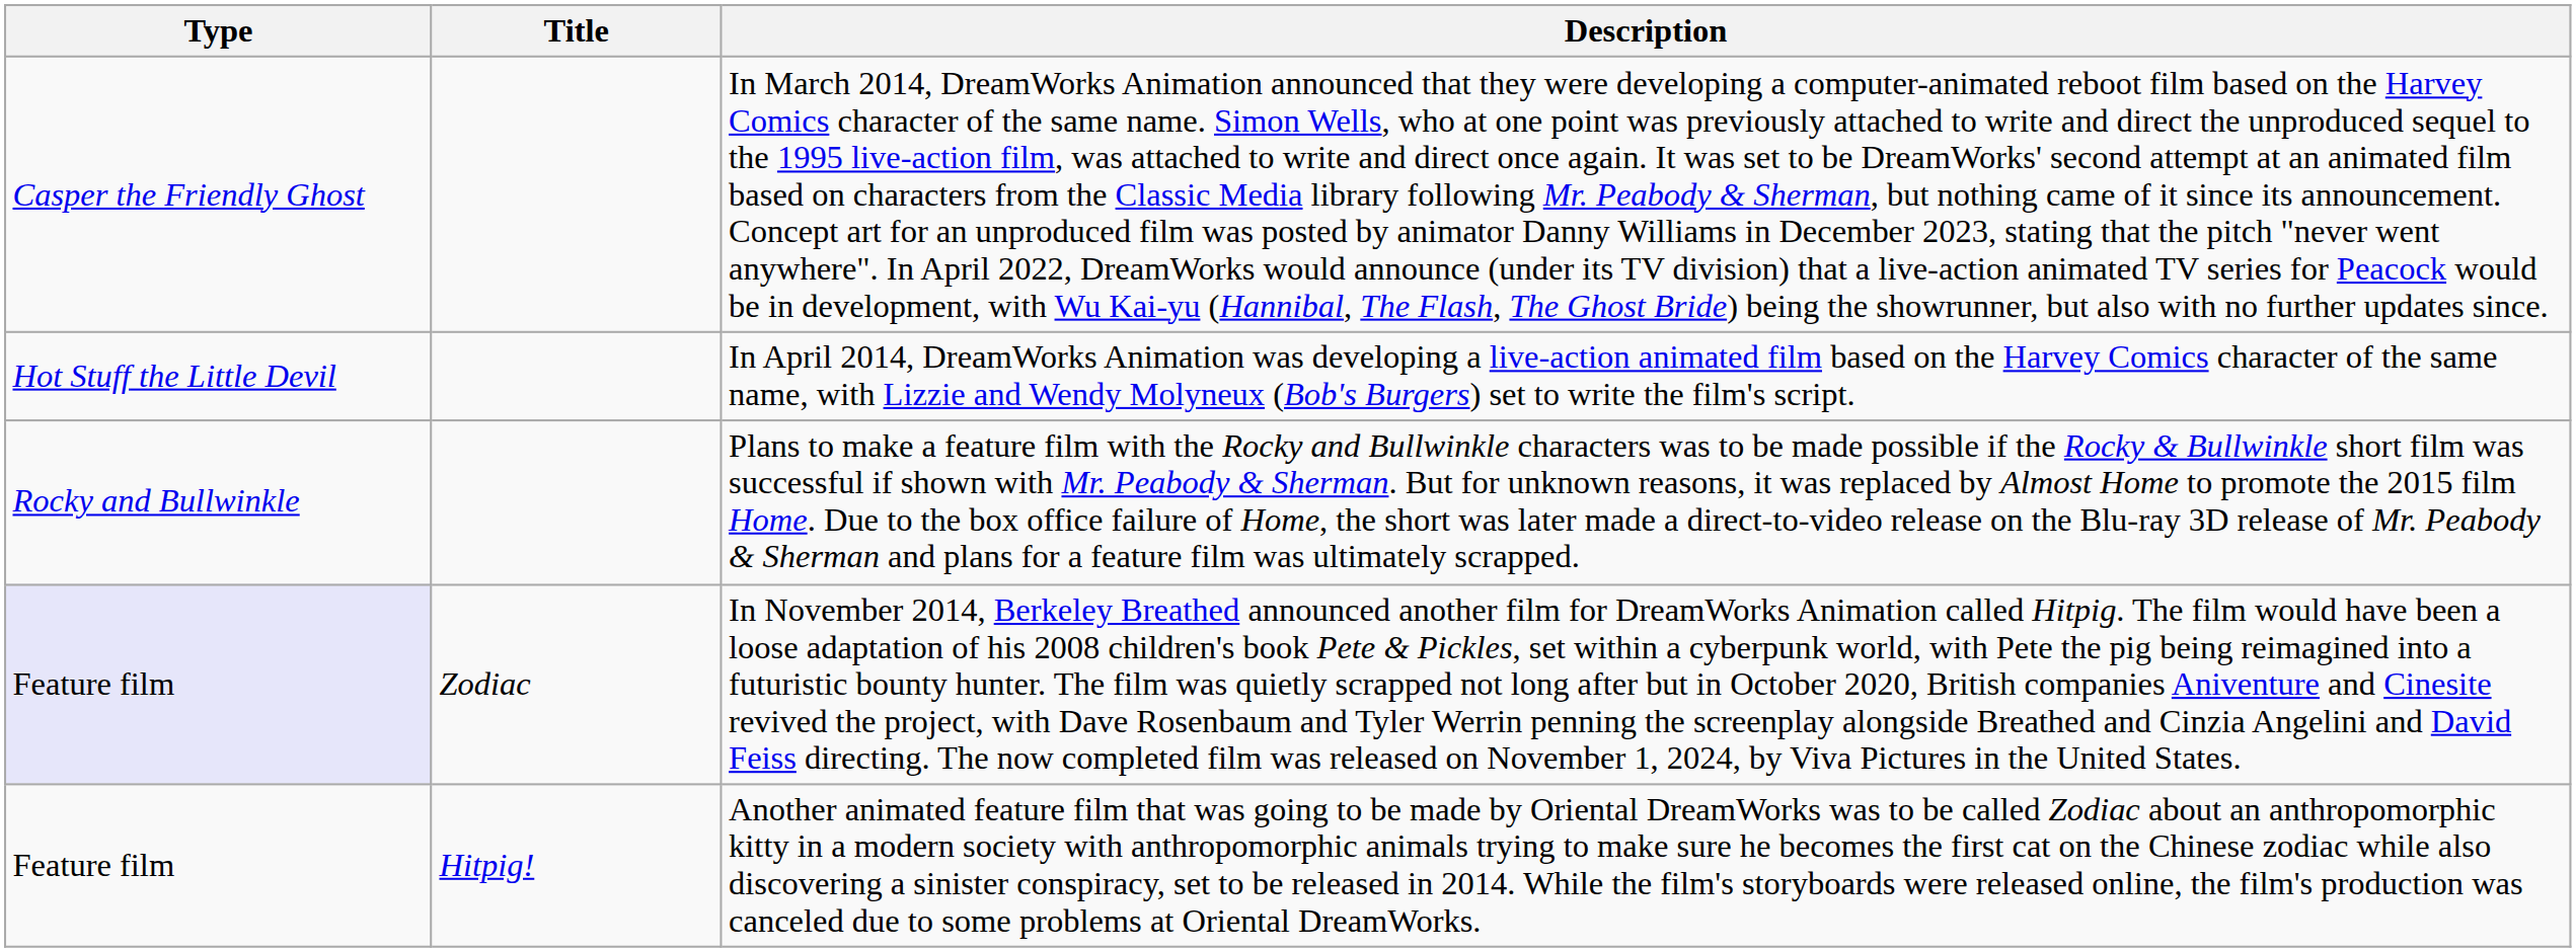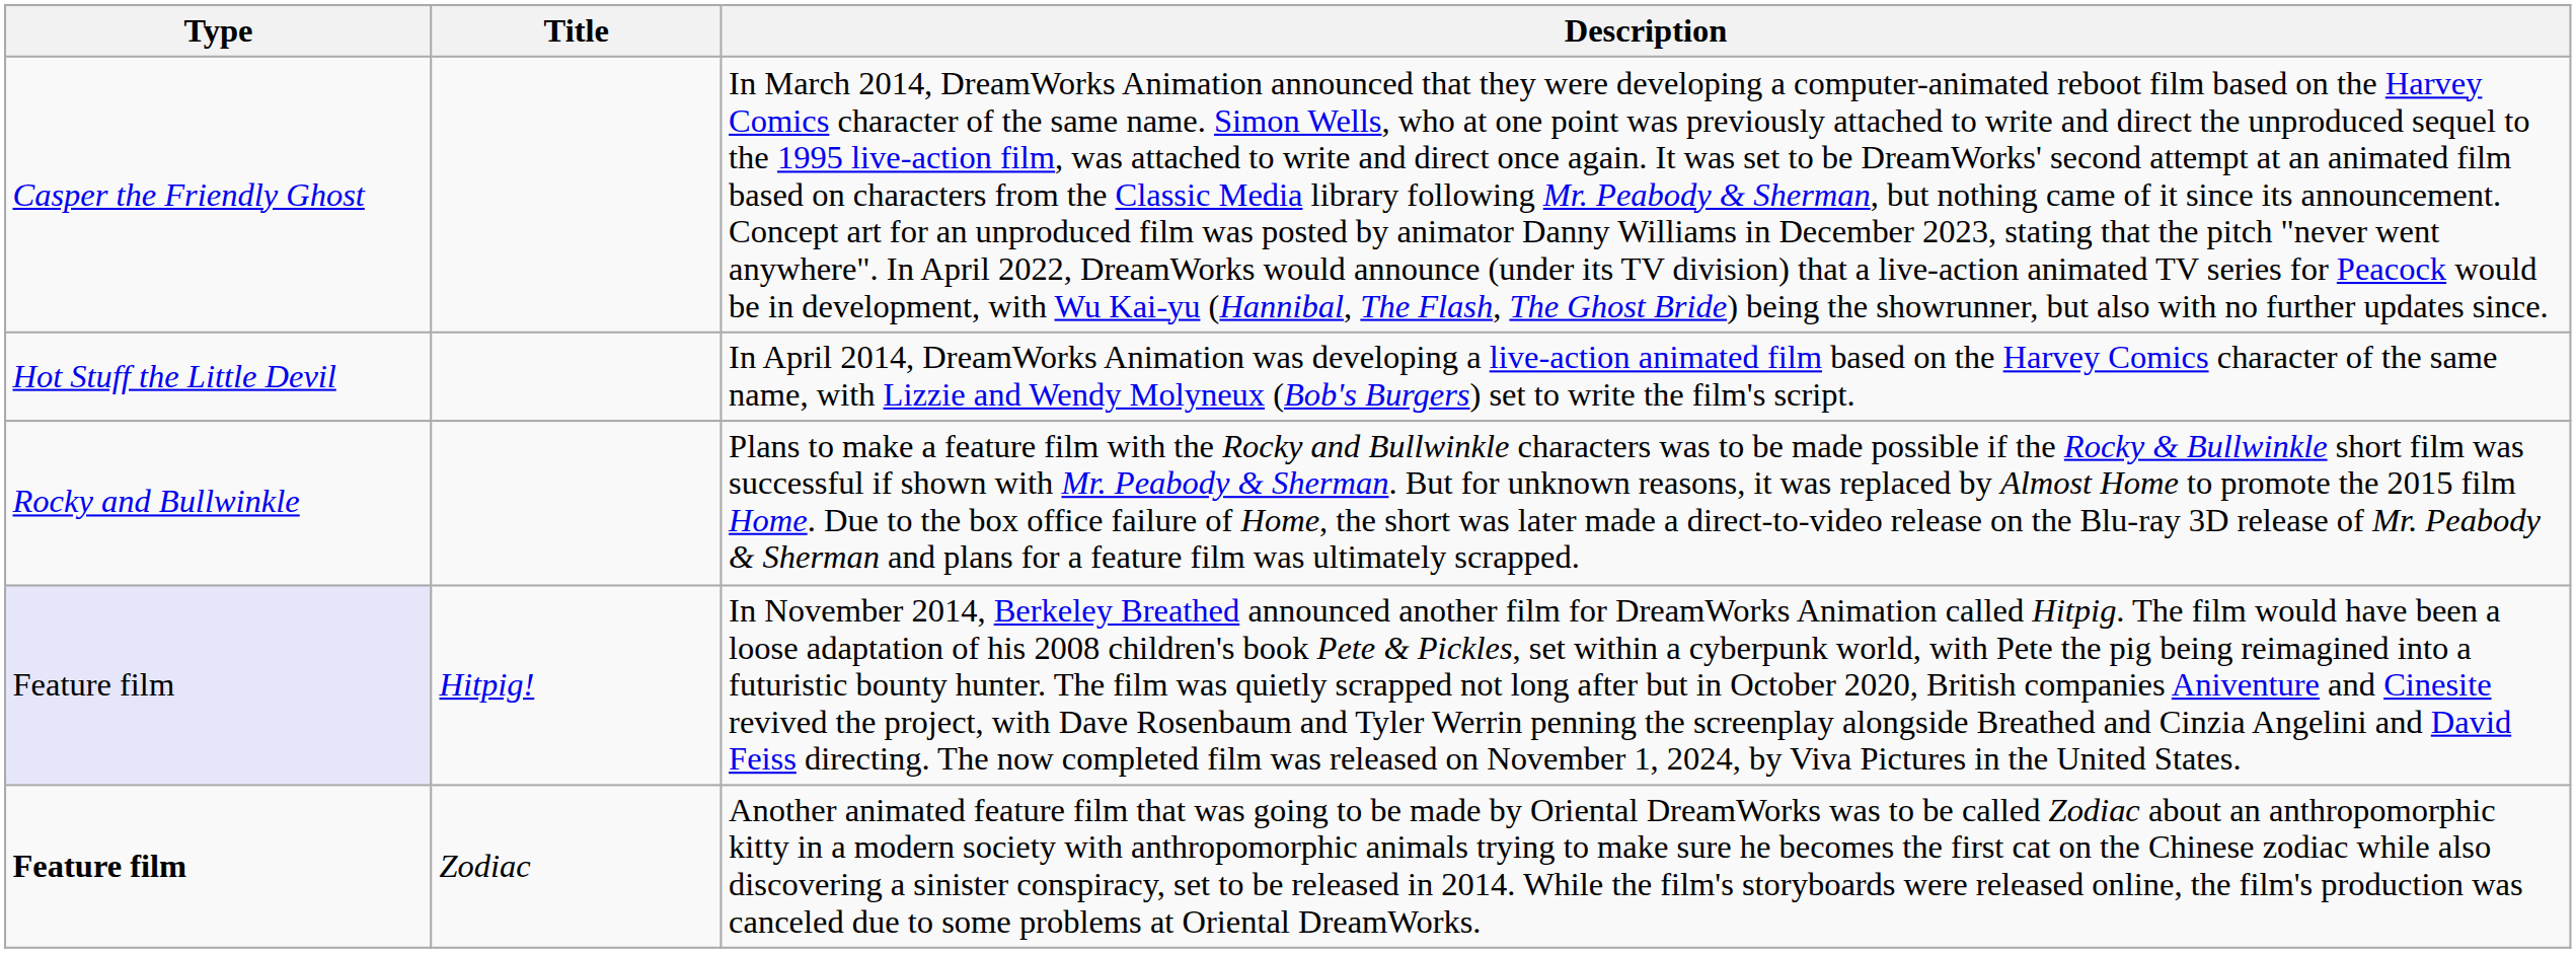 <table class="wikitable">
 <tr>
 <th style="width:150pt;">Type</th>
 <th style="width:100pt;">Title</th>
 <th>Description</th>
 </tr>
 <tr>
 <td><em><a href='#'>Casper the Friendly Ghost</a></em></td>
 <td></td>
 <td>In March 2014, DreamWorks Animation announced that they were developing a computer-animated reboot film based on the <a href='#'>Harvey Comics</a> character of the same name. <a href='#'>Simon Wells</a>, who at one point was previously attached to write and direct the unproduced sequel to the <a href='#'>1995 live-action film</a>, was attached to write and direct once again. It was set to be DreamWorks' second attempt at an animated film based on characters from the <a href='#'>Classic Media</a> library following <em><a href='#'>Mr. Peabody & Sherman</a></em>, but nothing came of it since its announcement. Concept art for an unproduced film was posted by animator Danny Williams in December 2023, stating that the pitch "never went anywhere". In April 2022, DreamWorks would announce (under its TV division) that a live-action animated TV series for <a href='#'>Peacock</a> would be in development, with <a href='#'>Wu Kai-yu</a> (<em><a href='#'>Hannibal</a></em>, <em><a href='#'>The Flash</a></em>, <em><a href='#'>The Ghost Bride</a></em>) being the showrunner, but also with no further updates since.</td>
 </tr>
 <tr>
 <td><em><a href='#'>Hot Stuff the Little Devil</a></em></td>
 <td></td>
 <td>In April 2014, DreamWorks Animation was developing a <a href='#'>live-action animated film</a> based on the <a href='#'>Harvey Comics</a> character of the same name, with <a href='#'>Lizzie and Wendy Molyneux</a> (<em><a href='#'>Bob's Burgers</a></em>) set to write the film's script.</td>
 </tr>
 <tr>
 <td><em><a href='#'>Rocky and Bullwinkle</a></em></td>
 <td></td>
 <td>Plans to make a feature film with the <em>Rocky and Bullwinkle</em> characters was to be made possible if the <em><a href='#'>Rocky & Bullwinkle</a></em> short film was successful if shown with <em><a href='#'>Mr. Peabody & Sherman</a></em>. But for unknown reasons, it was replaced by <em>Almost Home</em> to promote the 2015 film <em><a href='#'>Home</a></em>. Due to the box office failure of <em>Home</em>, the short was later made a direct-to-video release on the Blu-ray 3D release of <em>Mr. Peabody & Sherman</em> and plans for a feature film was ultimately scrapped.</td>
 </tr>
 <tr>
 <td style="background: lavender;">Feature film</td>
-<td><em>Zodiac</em></td>
+<td><em><a href='#'>Hitpig!</a></em></td>
 <td>In November 2014, <a href='#'>Berkeley Breathed</a> announced another film for DreamWorks Animation called <em>Hitpig</em>. The film would have been a loose adaptation of his 2008 children's book <em>Pete & Pickles</em>, set within a cyberpunk world, with Pete the pig being reimagined into a futuristic bounty hunter. The film was quietly scrapped not long after but in October 2020, British companies <a href='#'>Aniventure</a> and <a href='#'>Cinesite</a> revived the project, with Dave Rosenbaum and Tyler Werrin penning the screenplay alongside Breathed and Cinzia Angelini and <a href='#'>David Feiss</a> directing. The now completed film was released on November 1, 2024, by Viva Pictures in the United States.</td>
 </tr>
 <tr>
-<td>Feature film</td>
-<td><em><a href='#'>Hitpig!</a></em></td>
+<td><strong>Feature film</strong></td>
+<td><em>Zodiac</em></td>
 <td>Another animated feature film that was going to be made by Oriental DreamWorks was to be called <em>Zodiac</em> about an anthropomorphic kitty in a modern society with anthropomorphic animals trying to make sure he becomes the first cat on the Chinese zodiac while also discovering a sinister conspiracy, set to be released in 2014. While the film's storyboards were released online, the film's production was canceled due to some problems at Oriental DreamWorks.</td>
 </tr>
 </table>
